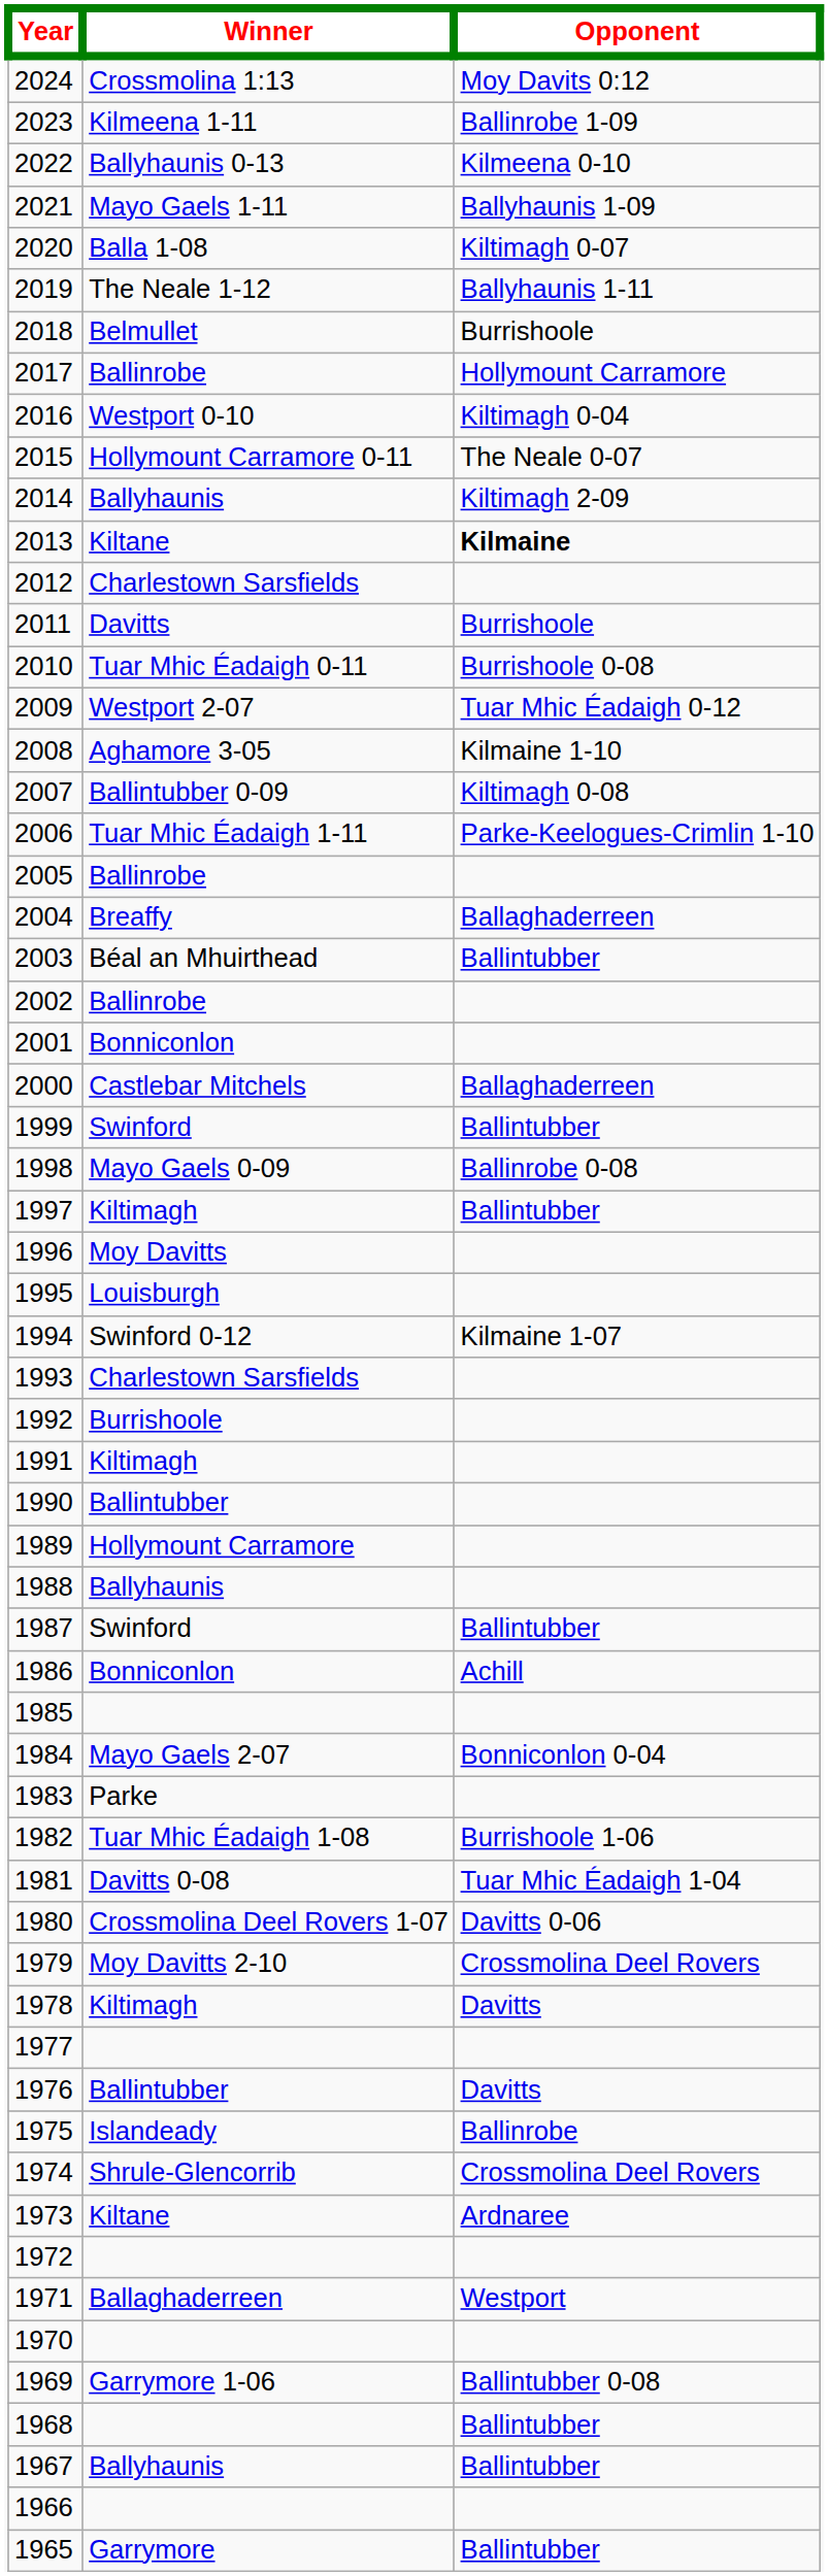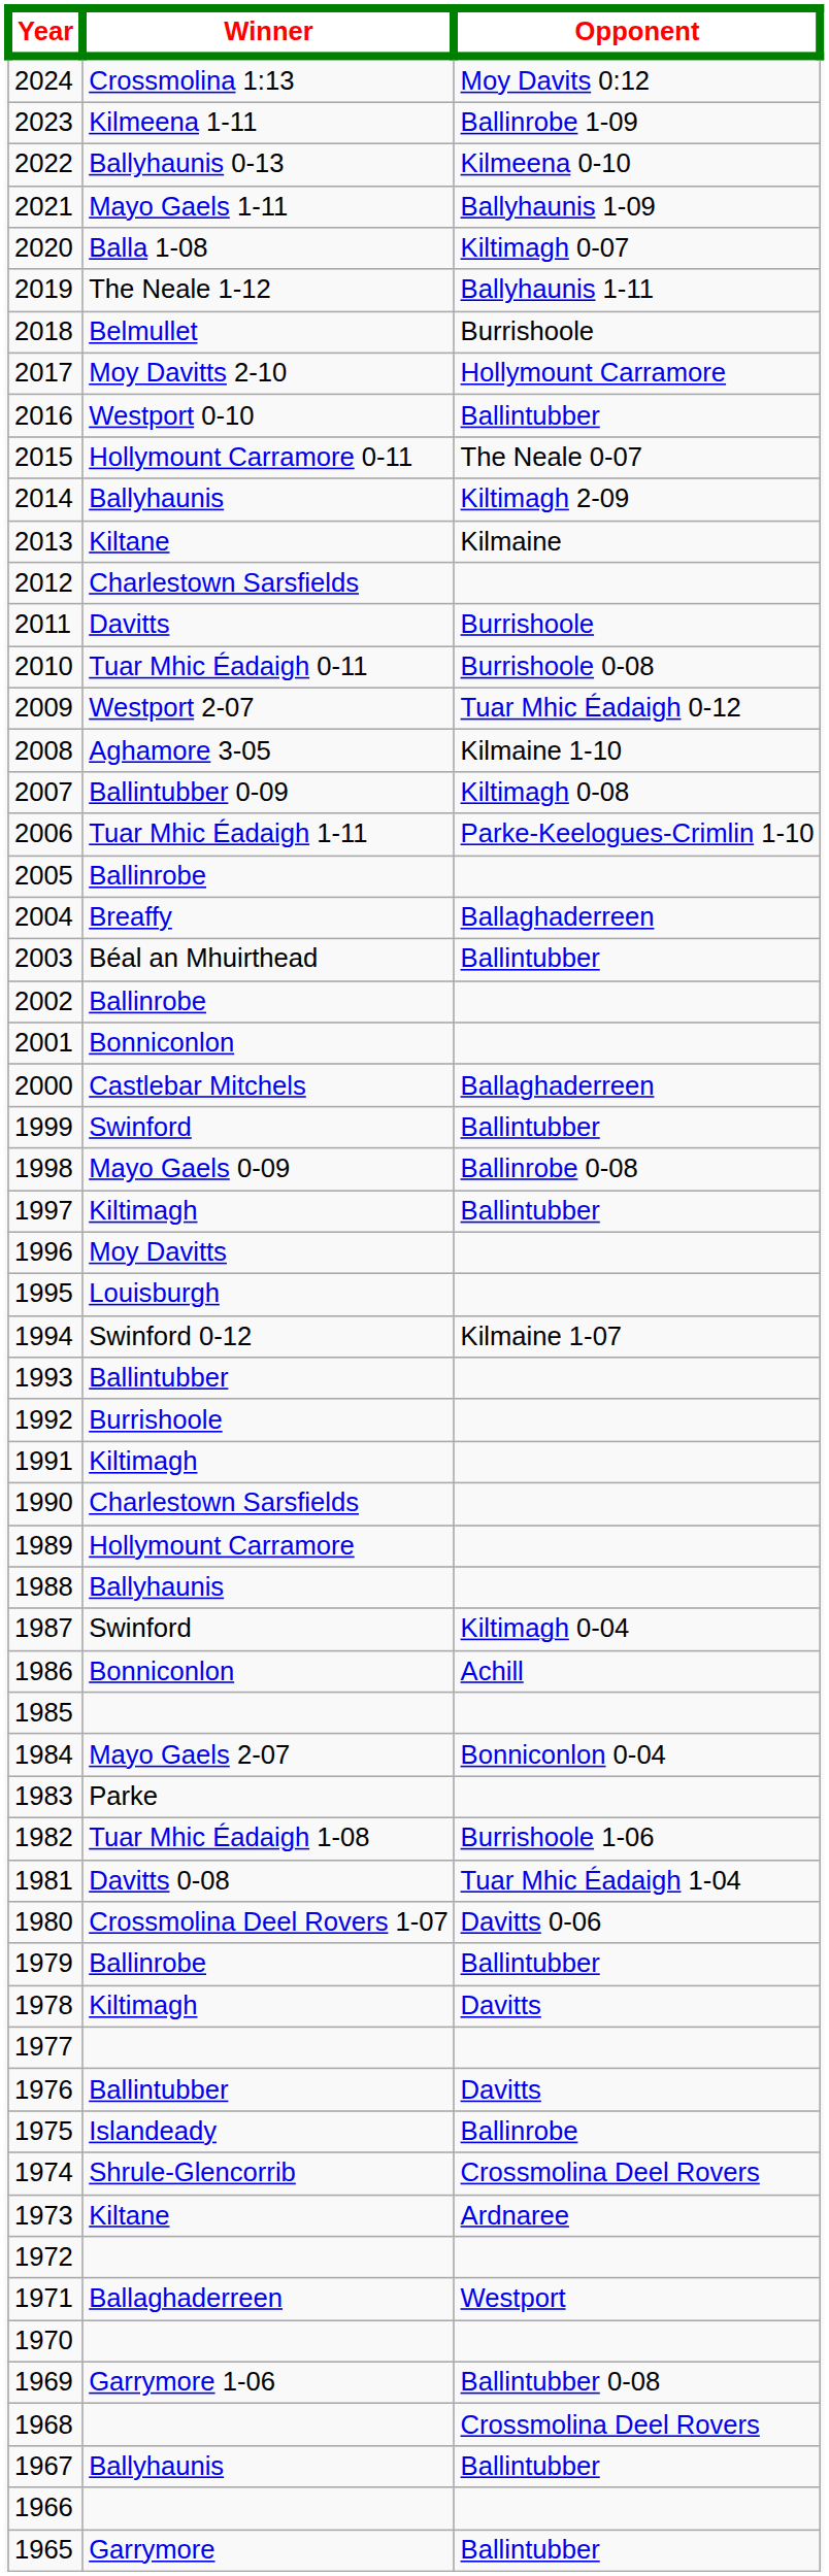 <table class="wikitable">
 <tr>
 <th style="background:white;color:red;border:5px solid green">Year</th>
 <th style="background:white;color:red;border:5px solid green">Winner</th>
 <th style="background:white;color:red;border:5px solid green">Opponent</th>
 </tr>
 <tr>
 <td>2024</td>
 <td><a href='#'>Crossmolina</a> 1:13</td>
 <td><a href='#'> Moy Davits</a> 0:12</td>
 </tr>
 <tr>
 <td>2023</td>
 <td><a href='#'>Kilmeena</a> 1-11</td>
 <td><a href='#'>Ballinrobe</a> 1-09</td>
 </tr>
 <tr>
 <td>2022</td>
 <td><a href='#'>Ballyhaunis</a> 0-13</td>
 <td><a href='#'>Kilmeena</a> 0-10</td>
 </tr>
 <tr>
 <td>2021</td>
 <td><a href='#'>Mayo Gaels</a> 1-11</td>
 <td><a href='#'>Ballyhaunis</a> 1-09</td>
 </tr>
 <tr>
 <td>2020</td>
 <td><a href='#'>Balla</a> 1-08</td>
 <td><a href='#'>Kiltimagh</a> 0-07</td>
 </tr>
 <tr>
 <td>2019</td>
 <td>The Neale 1-12</td>
 <td><a href='#'>Ballyhaunis</a> 1-11</td>
 </tr>
 <tr>
 <td>2018</td>
 <td><a href='#'>Belmullet</a></td>
 <td>Burrishoole</td>
 </tr>
 <tr>
 <td>2017</td>
-<td><a href='#'>Ballinrobe</a></td>
+<td><a href='#'>Moy Davitts</a> 2-10</td>
 <td><a href='#'>Hollymount Carramore</a></td>
 </tr>
 <tr>
 <td>2016</td>
 <td><a href='#'>Westport</a> 0-10</td>
-<td><a href='#'>Kiltimagh</a> 0-04</td>
+<td><a href='#'>Ballintubber</a></td>
 </tr>
 <tr>
 <td>2015</td>
 <td><a href='#'>Hollymount Carramore</a> 0-11</td>
 <td>The Neale 0-07</td>
 </tr>
 <tr>
 <td>2014</td>
 <td><a href='#'>Ballyhaunis</a></td>
 <td><a href='#'>Kiltimagh</a> 2-09</td>
 </tr>
 <tr>
 <td>2013</td>
 <td><a href='#'>Kiltane</a></td>
-<td><strong>Kilmaine</strong></td>
+<td>Kilmaine</td>
 </tr>
 <tr>
 <td>2012</td>
 <td><a href='#'>Charlestown Sarsfields</a></td>
 <td></td>
 </tr>
 <tr>
 <td>2011</td>
 <td><a href='#'>Davitts</a></td>
 <td><a href='#'>Burrishoole</a></td>
 </tr>
 <tr>
 <td>2010</td>
 <td><a href='#'>Tuar Mhic Éadaigh</a> 0-11</td>
 <td><a href='#'>Burrishoole</a> 0-08</td>
 </tr>
 <tr>
 <td>2009</td>
 <td><a href='#'>Westport</a> 2-07</td>
 <td><a href='#'>Tuar Mhic Éadaigh</a> 0-12</td>
 </tr>
 <tr>
 <td>2008</td>
 <td><a href='#'>Aghamore</a> 3-05</td>
 <td>Kilmaine 1-10</td>
 </tr>
 <tr>
 <td>2007</td>
 <td><a href='#'>Ballintubber</a> 0-09</td>
 <td><a href='#'>Kiltimagh</a> 0-08</td>
 </tr>
 <tr>
 <td>2006</td>
 <td><a href='#'>Tuar Mhic Éadaigh</a> 1-11</td>
 <td><a href='#'>Parke-Keelogues-Crimlin</a> 1-10</td>
 </tr>
 <tr>
 <td>2005</td>
 <td><a href='#'>Ballinrobe</a></td>
 <td></td>
 </tr>
 <tr>
 <td>2004</td>
 <td><a href='#'>Breaffy</a></td>
 <td><a href='#'>Ballaghaderreen</a></td>
 </tr>
 <tr>
 <td>2003</td>
 <td>Béal an Mhuirthead</td>
 <td><a href='#'>Ballintubber</a></td>
 </tr>
 <tr>
 <td>2002</td>
 <td><a href='#'>Ballinrobe</a></td>
 <td></td>
 </tr>
 <tr>
 <td>2001</td>
 <td><a href='#'>Bonniconlon</a></td>
 <td></td>
 </tr>
 <tr>
 <td>2000</td>
 <td><a href='#'>Castlebar Mitchels</a></td>
 <td><a href='#'>Ballaghaderreen</a></td>
 </tr>
 <tr>
 <td>1999</td>
 <td><a href='#'>Swinford</a></td>
 <td><a href='#'>Ballintubber</a></td>
 </tr>
 <tr>
 <td>1998</td>
 <td><a href='#'>Mayo Gaels</a> 0-09</td>
 <td><a href='#'>Ballinrobe</a> 0-08</td>
 </tr>
 <tr>
 <td>1997</td>
 <td><a href='#'>Kiltimagh</a></td>
 <td><a href='#'>Ballintubber</a></td>
 </tr>
 <tr>
 <td>1996</td>
 <td><a href='#'>Moy Davitts</a></td>
 <td></td>
 </tr>
 <tr>
 <td>1995</td>
 <td><a href='#'>Louisburgh</a></td>
 <td></td>
 </tr>
 <tr>
 <td>1994</td>
 <td>Swinford 0-12</td>
 <td>Kilmaine 1-07</td>
 </tr>
 <tr>
 <td>1993</td>
-<td><a href='#'>Charlestown Sarsfields</a></td>
+<td><a href='#'>Ballintubber</a></td>
 <td></td>
 </tr>
 <tr>
 <td>1992</td>
 <td><a href='#'>Burrishoole</a></td>
 <td></td>
 </tr>
 <tr>
 <td>1991</td>
 <td><a href='#'>Kiltimagh</a></td>
 <td></td>
 </tr>
 <tr>
 <td>1990</td>
-<td><a href='#'>Ballintubber</a></td>
+<td><a href='#'>Charlestown Sarsfields</a></td>
 <td></td>
 </tr>
 <tr>
 <td>1989</td>
 <td><a href='#'>Hollymount Carramore</a></td>
 <td></td>
 </tr>
 <tr>
 <td>1988</td>
 <td><a href='#'>Ballyhaunis</a></td>
 <td></td>
 </tr>
 <tr>
 <td>1987</td>
 <td>Swinford</td>
-<td><a href='#'>Ballintubber</a></td>
+<td><a href='#'>Kiltimagh</a> 0-04</td>
 </tr>
 <tr>
 <td>1986</td>
 <td><a href='#'>Bonniconlon</a></td>
 <td><a href='#'>Achill</a></td>
 </tr>
 <tr>
 <td>1985</td>
 <td></td>
 <td></td>
 </tr>
 <tr>
 <td>1984</td>
 <td><a href='#'>Mayo Gaels</a> 2-07</td>
 <td><a href='#'>Bonniconlon</a> 0-04</td>
 </tr>
 <tr>
 <td>1983</td>
 <td>Parke</td>
 <td></td>
 </tr>
 <tr>
 <td>1982</td>
 <td><a href='#'>Tuar Mhic Éadaigh</a> 1-08</td>
 <td><a href='#'>Burrishoole</a> 1-06</td>
 </tr>
 <tr>
 <td>1981</td>
 <td><a href='#'>Davitts</a> 0-08</td>
 <td><a href='#'>Tuar Mhic Éadaigh</a> 1-04</td>
 </tr>
 <tr>
 <td>1980</td>
 <td><a href='#'>Crossmolina Deel Rovers</a> 1-07</td>
 <td><a href='#'>Davitts</a> 0-06</td>
 </tr>
 <tr>
 <td>1979</td>
-<td><a href='#'>Moy Davitts</a> 2-10</td>
-<td><a href='#'>Crossmolina Deel Rovers</a></td>
+<td><a href='#'>Ballinrobe</a></td>
+<td><a href='#'>Ballintubber</a></td>
 </tr>
 <tr>
 <td>1978</td>
 <td><a href='#'>Kiltimagh</a></td>
 <td><a href='#'>Davitts</a></td>
 </tr>
 <tr>
 <td>1977</td>
 <td></td>
 <td></td>
 </tr>
 <tr>
 <td>1976</td>
 <td><a href='#'>Ballintubber</a></td>
 <td><a href='#'>Davitts</a></td>
 </tr>
 <tr>
 <td>1975</td>
 <td><a href='#'>Islandeady</a></td>
 <td><a href='#'>Ballinrobe</a></td>
 </tr>
 <tr>
 <td>1974</td>
 <td><a href='#'>Shrule-Glencorrib</a></td>
 <td><a href='#'>Crossmolina Deel Rovers</a></td>
 </tr>
 <tr>
 <td>1973</td>
 <td><a href='#'>Kiltane</a></td>
 <td><a href='#'>Ardnaree</a></td>
 </tr>
 <tr>
 <td>1972</td>
 <td></td>
 <td></td>
 </tr>
 <tr>
 <td>1971</td>
 <td><a href='#'>Ballaghaderreen</a></td>
 <td><a href='#'>Westport</a></td>
 </tr>
 <tr>
 <td>1970</td>
 <td></td>
 <td></td>
 </tr>
 <tr>
 <td>1969</td>
 <td><a href='#'>Garrymore</a> 1-06</td>
 <td><a href='#'>Ballintubber</a> 0-08</td>
 </tr>
 <tr>
 <td>1968</td>
 <td></td>
-<td><a href='#'>Ballintubber</a></td>
+<td><a href='#'>Crossmolina Deel Rovers</a></td>
 </tr>
 <tr>
 <td>1967</td>
 <td><a href='#'>Ballyhaunis</a></td>
 <td><a href='#'>Ballintubber</a></td>
 </tr>
 <tr>
 <td>1966</td>
 <td></td>
 <td></td>
 </tr>
 <tr>
 <td>1965</td>
 <td><a href='#'>Garrymore</a></td>
 <td><a href='#'>Ballintubber</a></td>
 </tr>
 </table>
